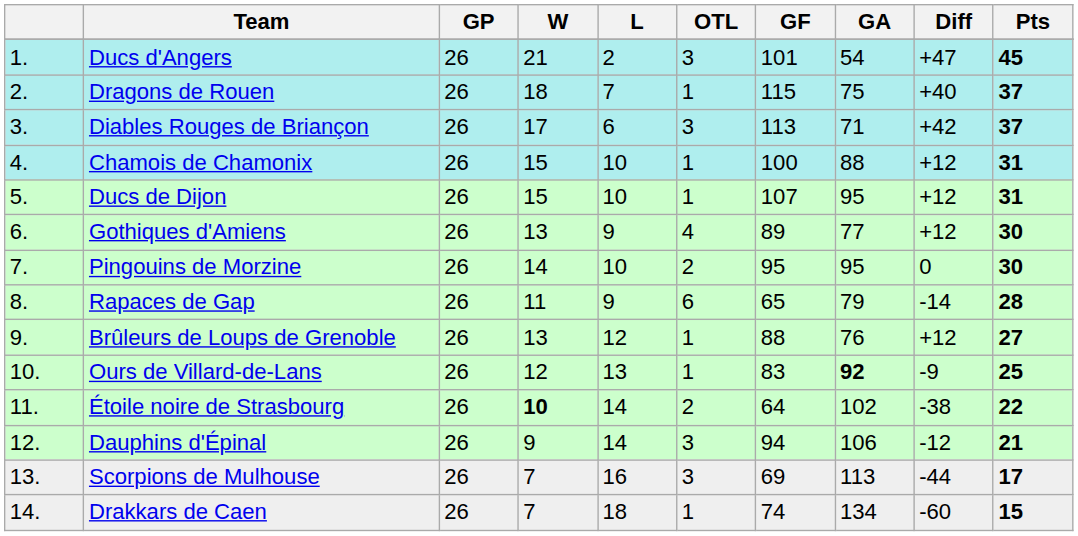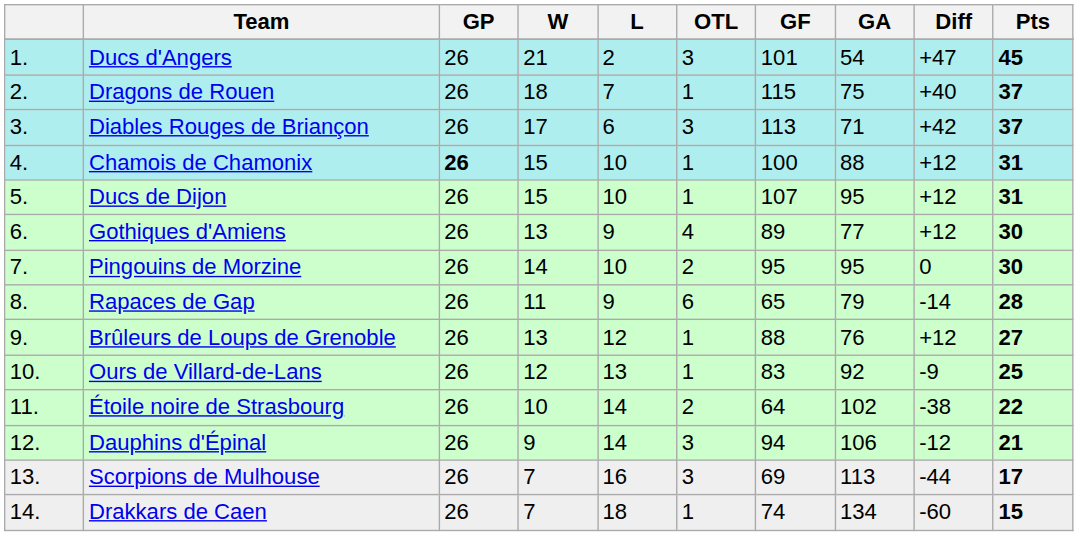 <table class="wikitable">
 <tr>
 <th width="50"></th>
 <th width="250">Team</th>
 <th width="50">GP</th>
 <th width="50">W</th>
 <th width="50">L</th>
 <th width="50">OTL</th>
 <th width="50">GF</th>
 <th width="50">GA</th>
 <th width="50">Diff</th>
 <th width="50"><strong>Pts</strong></th>
 </tr>
 <tr>
 </tr>
 <tr bgcolor="#AFEEEE">
 <td>1.</td>
 <td align="left"><a href='#'>Ducs d'Angers</a></td>
 <td>26</td>
 <td>21</td>
 <td>2</td>
 <td>3</td>
 <td>101</td>
 <td>54</td>
 <td>+47</td>
 <td><strong>45</strong></td>
 </tr>
 <tr bgcolor="#AFEEEE">
 <td>2.</td>
 <td align="left"><a href='#'>Dragons de Rouen</a></td>
 <td>26</td>
 <td>18</td>
 <td>7</td>
 <td>1</td>
 <td>115</td>
 <td>75</td>
 <td>+40</td>
 <td><strong>37</strong></td>
 </tr>
 <tr bgcolor="#AFEEEE">
 <td>3.</td>
 <td align="left"><a href='#'>Diables Rouges de Briançon</a></td>
 <td>26</td>
 <td>17</td>
 <td>6</td>
 <td>3</td>
 <td>113</td>
 <td>71</td>
 <td>+42</td>
 <td><strong>37</strong></td>
 </tr>
 <tr bgcolor="#AFEEEE">
 <td>4.</td>
 <td align="left"><a href='#'>Chamois de Chamonix</a></td>
-<td>26</td>
+<td><strong>26</strong></td>
 <td>15</td>
 <td>10</td>
 <td>1</td>
 <td>100</td>
 <td>88</td>
 <td>+12</td>
 <td><strong>31</strong></td>
 </tr>
 <tr bgcolor="#ccffcc">
 <td>5.</td>
 <td align="left"><a href='#'>Ducs de Dijon</a></td>
 <td>26</td>
 <td>15</td>
 <td>10</td>
 <td>1</td>
 <td>107</td>
 <td>95</td>
 <td>+12</td>
 <td><strong>31</strong></td>
 </tr>
 <tr bgcolor="#ccffcc">
 <td>6.</td>
 <td align="left"><a href='#'>Gothiques d'Amiens</a></td>
 <td>26</td>
 <td>13</td>
 <td>9</td>
 <td>4</td>
 <td>89</td>
 <td>77</td>
 <td>+12</td>
 <td><strong>30</strong></td>
 </tr>
 <tr bgcolor="#ccffcc">
 <td>7.</td>
 <td align="left"><a href='#'>Pingouins de Morzine</a></td>
 <td>26</td>
 <td>14</td>
 <td>10</td>
 <td>2</td>
 <td>95</td>
 <td>95</td>
 <td>0</td>
 <td><strong>30</strong></td>
 </tr>
 <tr bgcolor="#ccffcc">
 <td>8.</td>
 <td align="left"><a href='#'>Rapaces de Gap</a></td>
 <td>26</td>
 <td>11</td>
 <td>9</td>
 <td>6</td>
 <td>65</td>
 <td>79</td>
 <td>-14</td>
 <td><strong>28</strong></td>
 </tr>
 <tr bgcolor="#ccffcc">
 <td>9.</td>
 <td align="left"><a href='#'>Brûleurs de Loups de Grenoble</a></td>
 <td>26</td>
 <td>13</td>
 <td>12</td>
 <td>1</td>
 <td>88</td>
 <td>76</td>
 <td>+12</td>
 <td><strong>27</strong></td>
 </tr>
 <tr bgcolor="#ccffcc">
 <td>10.</td>
 <td align="left"><a href='#'>Ours de Villard-de-Lans</a></td>
 <td>26</td>
 <td>12</td>
 <td>13</td>
 <td>1</td>
 <td>83</td>
-<td><strong>92</strong></td>
+<td>92</td>
 <td>-9</td>
 <td><strong>25</strong></td>
 </tr>
 <tr bgcolor="#ccffcc">
 <td>11.</td>
 <td align="left"><a href='#'>Étoile noire de Strasbourg</a></td>
 <td>26</td>
-<td><strong>10</strong></td>
+<td>10</td>
 <td>14</td>
 <td>2</td>
 <td>64</td>
 <td>102</td>
 <td>-38</td>
 <td><strong>22</strong></td>
 </tr>
 <tr bgcolor="#ccffcc">
 <td>12.</td>
 <td align="left"><a href='#'>Dauphins d'Épinal</a></td>
 <td>26</td>
 <td>9</td>
 <td>14</td>
 <td>3</td>
 <td>94</td>
 <td>106</td>
 <td>-12</td>
 <td><strong>21</strong></td>
 </tr>
 <tr bgcolor="#EFEFEF">
 <td>13.</td>
 <td align="left"><a href='#'>Scorpions de Mulhouse</a></td>
 <td>26</td>
 <td>7</td>
 <td>16</td>
 <td>3</td>
 <td>69</td>
 <td>113</td>
 <td>-44</td>
 <td><strong>17</strong></td>
 </tr>
 <tr bgcolor="#EFEFEF">
 <td>14.</td>
 <td align="left"><a href='#'>Drakkars de Caen</a></td>
 <td>26</td>
 <td>7</td>
 <td>18</td>
 <td>1</td>
 <td>74</td>
 <td>134</td>
 <td>-60</td>
 <td><strong>15</strong></td>
 </tr>
 </table>
